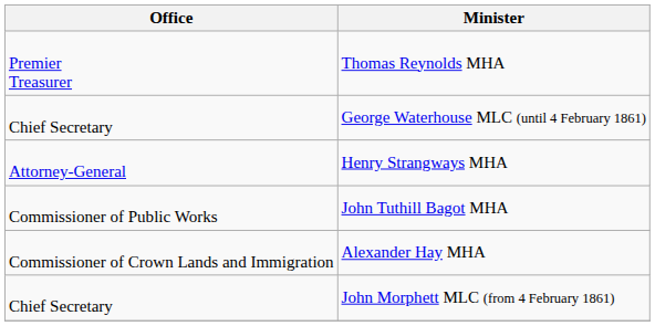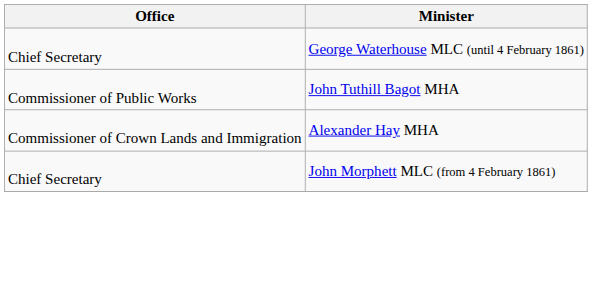 <table class="wikitable">
 <tr>
 <th>Office</th>
 <th>Minister</th>
 </tr>
 <tr>
-<td><br><a href='#'>Premier</a><br> <a href='#'>Treasurer</a></td>
-<td><a href='#'>Thomas Reynolds</a> MHA</td>
-</tr>
-<tr>
 <td><br>Chief Secretary</td>
 <td><a href='#'>George Waterhouse</a> MLC <small>(until 4 February 1861)</small></td>
-</tr>
-<tr>
-<td><br><a href='#'>Attorney-General</a></td>
-<td><a href='#'>Henry Strangways</a> MHA</td>
 </tr>
 <tr>
 <td><br>Commissioner of Public Works<br></td>
 <td><a href='#'>John Tuthill Bagot</a> MHA</td>
 </tr>
 <tr>
 <td><br>Commissioner of Crown Lands and Immigration<br></td>
 <td><a href='#'>Alexander Hay</a> MHA</td>
 </tr>
 <tr>
 <td><br>Chief Secretary<br></td>
 <td><a href='#'>John Morphett</a> MLC <small>(from 4 February 1861)</small></td>
 </tr>
 <tr>
 </tr>
 </table>
